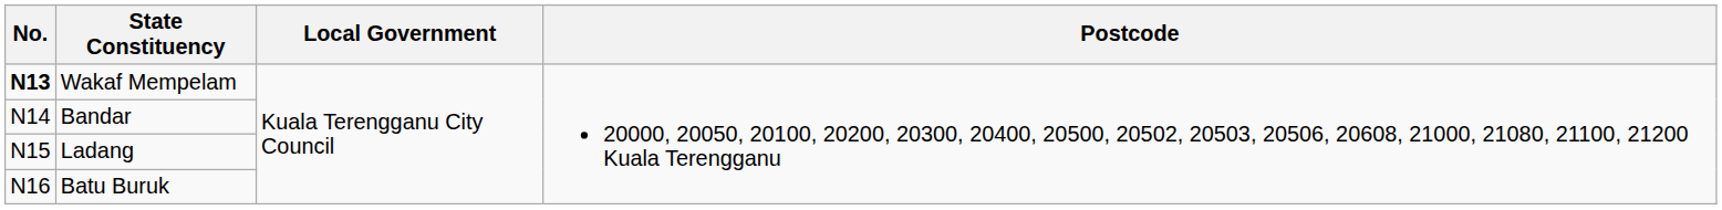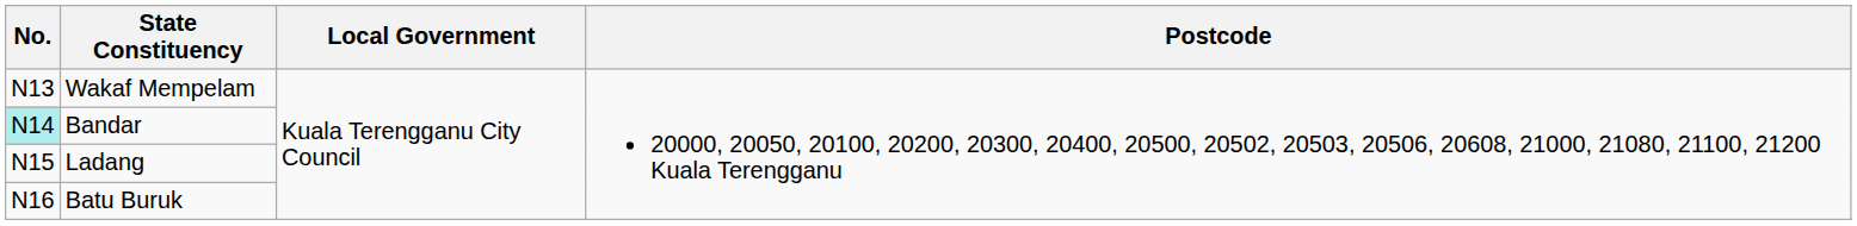 <table class="wikitable">
 <tr>
 <th>No.</th>
 <th>State Constituency</th>
 <th>Local Government</th>
 <th>Postcode</th>
 </tr>
 <tr>
-<td><strong>N13</strong></td>
+<td>N13</td>
 <td>Wakaf Mempelam</td>
 <td rowspan="4">Kuala Terengganu City Council</td>
 <td rowspan="4"><br><ul><li>20000, 20050, 20100, 20200, 20300, 20400, 20500, 20502, 20503, 20506, 20608, 21000, 21080, 21100, 21200 Kuala Terengganu</li></ul></td>
 </tr>
 <tr>
-<td>N14</td>
+<td style="background: paleturquoise;">N14</td>
 <td>Bandar</td>
 </tr>
 <tr>
 <td>N15</td>
 <td>Ladang</td>
 </tr>
 <tr>
 <td>N16</td>
 <td>Batu Buruk</td>
 </tr>
 </table>
